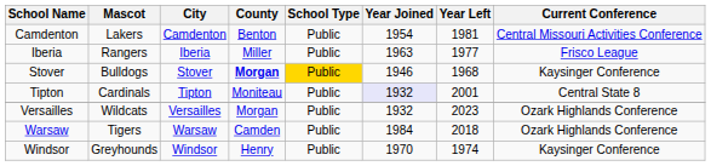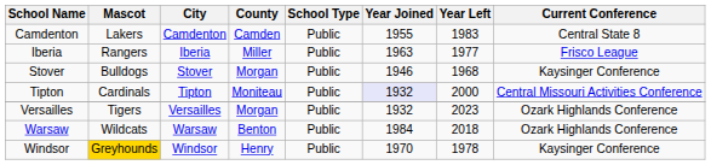 <table class="wikitable sortable" style="text-align:center">
 <tr>
 <th>School Name</th>
 <th>Mascot</th>
 <th>City</th>
 <th>County</th>
 <th>School Type</th>
 <th>Year Joined</th>
 <th>Year Left</th>
 <th>Current Conference</th>
 </tr>
 <tr>
 <td>Camdenton</td>
 <td>Lakers</td>
 <td><a href='#'>Camdenton</a></td>
-<td><a href='#'>Benton</a></td>
+<td><a href='#'>Camden</a></td>
 <td>Public</td>
-<td>1954 </td>
-<td>1981 </td>
-<td><a href='#'>Central Missouri Activities Conference</a></td>
+<td>1955 </td>
+<td>1983 </td>
+<td>Central State 8</td>
 </tr>
 <tr>
 <td>Iberia</td>
 <td>Rangers</td>
 <td><a href='#'>Iberia</a></td>
 <td><a href='#'>Miller</a></td>
 <td>Public</td>
 <td>1963 </td>
 <td>1977 </td>
 <td><a href='#'>Frisco League</a></td>
 </tr>
 <tr>
 <td>Stover</td>
 <td>Bulldogs</td>
 <td><a href='#'>Stover</a></td>
-<td><strong><a href='#'>Morgan</a></strong></td>
-<td style="background: gold;">Public</td>
+<td><a href='#'>Morgan</a></td>
+<td>Public</td>
 <td>1946 </td>
 <td>1968 </td>
 <td>Kaysinger Conference</td>
 </tr>
 <tr>
 <td>Tipton</td>
 <td>Cardinals</td>
 <td><a href='#'>Tipton</a></td>
 <td><a href='#'>Moniteau</a></td>
 <td>Public</td>
 <td style="background: lavender;">1932 </td>
-<td>2001 </td>
-<td>Central State 8</td>
+<td>2000 </td>
+<td><a href='#'>Central Missouri Activities Conference</a></td>
 </tr>
 <tr>
 </tr>
 <tr>
 <td>Versailles</td>
-<td>Wildcats</td>
+<td>Tigers</td>
 <td><a href='#'>Versailles</a></td>
 <td><a href='#'>Morgan</a></td>
 <td>Public</td>
 <td>1932 </td>
 <td>2023 </td>
 <td>Ozark Highlands Conference</td>
 </tr>
 <tr>
 <td><a href='#'>Warsaw</a></td>
-<td>Tigers</td>
+<td>Wildcats</td>
 <td><a href='#'>Warsaw</a></td>
-<td><a href='#'>Camden</a></td>
+<td><a href='#'>Benton</a></td>
 <td>Public</td>
 <td>1984 </td>
 <td>2018 </td>
 <td>Ozark Highlands Conference</td>
 </tr>
 <tr>
 <td>Windsor</td>
-<td>Greyhounds</td>
+<td style="background: gold;">Greyhounds</td>
 <td><a href='#'>Windsor</a></td>
 <td><a href='#'>Henry</a></td>
 <td>Public</td>
 <td>1970 </td>
-<td>1974 </td>
+<td>1978 </td>
 <td>Kaysinger Conference</td>
 </tr>
 </table>
